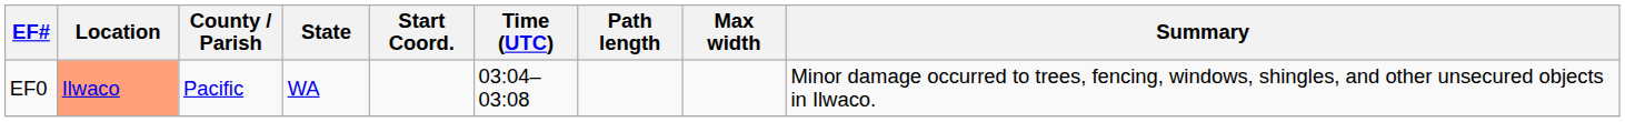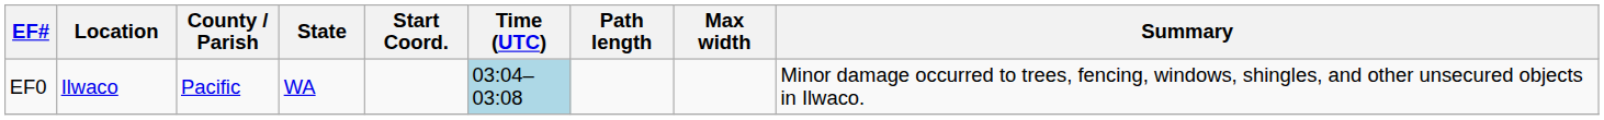 <table class="wikitable sortable" style="width:100%;">
 <tr>
 <th scope="col"  style="width:3%; text-align:center;"><a href='#'>EF#</a></th>
 <th scope="col"  style="width:7%; text-align:center;" class="unsortable">Location</th>
 <th scope="col"  style="width:6%; text-align:center;" class="unsortable">County / Parish</th>
 <th scope="col"  style="width:5%; text-align:center;">State</th>
 <th scope="col"  style="width:6%; text-align:center;">Start Coord.</th>
 <th scope="col"  style="width:6%; text-align:center;">Time (<a href='#'>UTC</a>)</th>
 <th scope="col"  style="width:6%; text-align:center;">Path length</th>
 <th scope="col"  style="width:6%; text-align:center;">Max width</th>
 <th scope="col" class="unsortable" style="width:48%; text-align:center;">Summary</th>
 </tr>
 <tr>
 <td>EF0</td>
-<td style="background: lightsalmon;"><a href='#'>Ilwaco</a></td>
+<td><a href='#'>Ilwaco</a></td>
 <td><a href='#'>Pacific</a></td>
 <td><a href='#'>WA</a></td>
 <td></td>
-<td>03:04–03:08</td>
+<td style="background: lightblue;">03:04–03:08</td>
 <td></td>
 <td></td>
 <td>Minor damage occurred to trees, fencing, windows, shingles, and other unsecured objects in Ilwaco.</td>
 </tr>
 <tr>
 </tr>
 </table>
